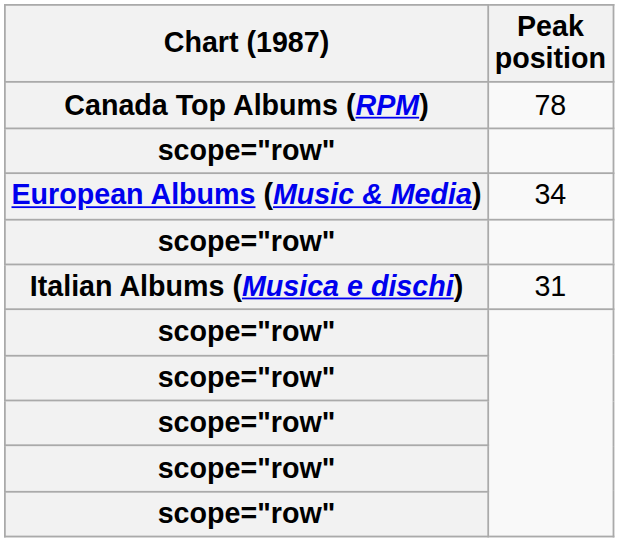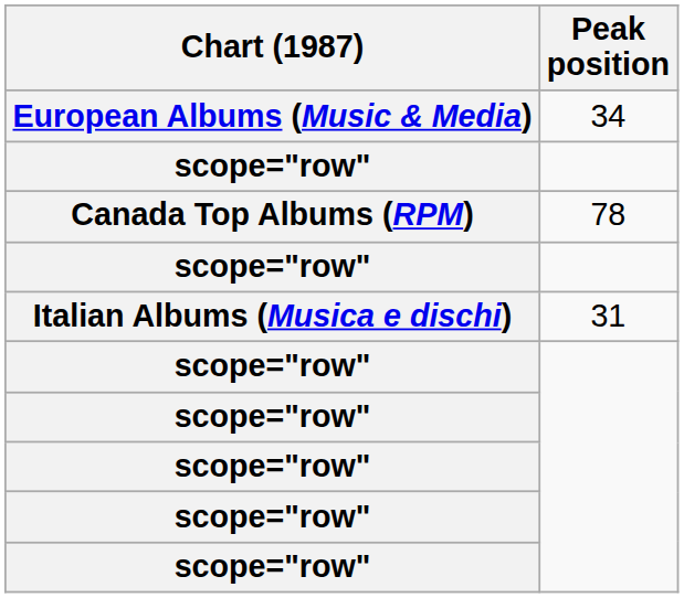 <table class="wikitable sortable plainrowheaders">
 <tr>
 <th scope="col">Chart (1987)</th>
 <th scope="col">Peak<br>position</th>
 </tr>
 <tr>
-<th scope="row">Canada Top Albums (<em><a href='#'>RPM</a></em>)</th>
-<td align="center">78</td>
+<th scope="row"><a href='#'>European Albums</a> (<em><a href='#'>Music & Media</a></em>)</th>
+<td align="center">34</td>
 </tr>
 <tr>
 <th>scope="row" </th>
 </tr>
 <tr>
-<th scope="row"><a href='#'>European Albums</a> (<em><a href='#'>Music & Media</a></em>)</th>
-<td align="center">34</td>
+<th scope="row">Canada Top Albums (<em><a href='#'>RPM</a></em>)</th>
+<td align="center">78</td>
 </tr>
 <tr>
 <th>scope="row" </th>
 </tr>
 <tr>
 <th scope="row">Italian Albums (<em><a href='#'>Musica e dischi</a></em>)</th>
 <td align="center">31</td>
 </tr>
 <tr>
 <th>scope="row" </th>
 </tr>
 <tr>
 <th>scope="row" </th>
 </tr>
 <tr>
 <th>scope="row" </th>
 </tr>
 <tr>
 <th>scope="row" </th>
 </tr>
 <tr>
 <th>scope="row" </th>
 </tr>
 </table>
